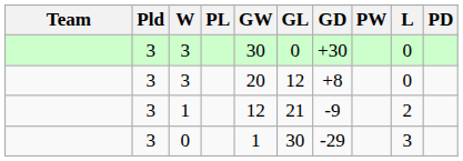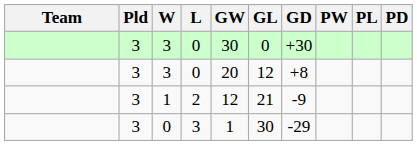 <table class=wikitable style="text-align:center">
 <tr>
 <th width=100>Team</th>
 <th width=20>Pld</th>
 <th width=20>W</th>
-<th width=20>PL</th>
+<th width=20>L</th>
 <th width=20>GW</th>
 <th width=20>GL</th>
 <th width=20>GD</th>
 <th width=20>PW</th>
-<th width=20>L</th>
+<th width=20>PL</th>
 <th width=20>PD</th>
 </tr>
 <tr bgcolor="#ccffcc">
 <td align=left></td>
 <td>3</td>
 <td>3</td>
-<td></td>
+<td>0</td>
 <td>30</td>
 <td>0</td>
 <td>+30</td>
 <td></td>
-<td>0</td>
+<td></td>
 <td></td>
 </tr>
 <tr>
 <td align=left></td>
 <td>3</td>
 <td>3</td>
-<td></td>
+<td>0</td>
 <td>20</td>
 <td>12</td>
 <td>+8</td>
 <td></td>
-<td>0</td>
+<td></td>
 <td></td>
 </tr>
 <tr>
 <td align=left></td>
 <td>3</td>
 <td>1</td>
-<td></td>
+<td>2</td>
 <td>12</td>
 <td>21</td>
 <td>-9</td>
 <td></td>
-<td>2</td>
+<td></td>
 <td></td>
 </tr>
 <tr>
 <td align=left></td>
 <td>3</td>
 <td>0</td>
-<td></td>
+<td>3</td>
 <td>1</td>
 <td>30</td>
 <td>-29</td>
 <td></td>
-<td>3</td>
+<td></td>
 <td></td>
 </tr>
 </table>
